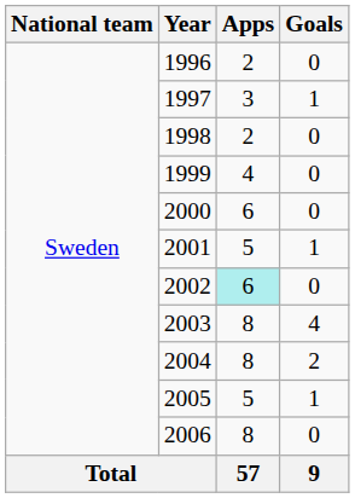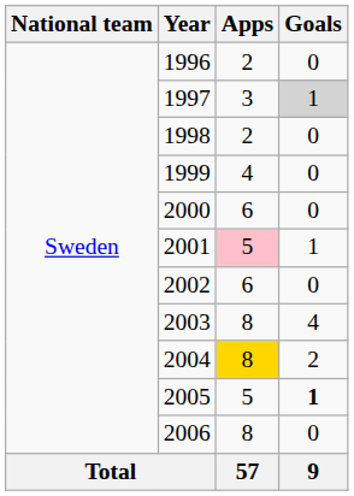 <table class="wikitable" style="text-align:center">
 <tr>
 <th>National team</th>
 <th>Year</th>
 <th>Apps</th>
 <th>Goals</th>
 </tr>
 <tr>
 <td rowspan="11"><a href='#'>Sweden</a></td>
 <td>1996</td>
 <td>2</td>
 <td>0</td>
 </tr>
 <tr>
 <td>1997</td>
 <td>3</td>
-<td>1</td>
+<td style="background: lightgrey;">1</td>
 </tr>
 <tr>
 <td>1998</td>
 <td>2</td>
 <td>0</td>
 </tr>
 <tr>
 <td>1999</td>
 <td>4</td>
 <td>0</td>
 </tr>
 <tr>
 <td>2000</td>
 <td>6</td>
 <td>0</td>
 </tr>
 <tr>
 <td>2001</td>
-<td>5</td>
+<td style="background: pink;">5</td>
 <td>1</td>
 </tr>
 <tr>
 <td>2002</td>
-<td style="background: paleturquoise;">6</td>
+<td>6</td>
 <td>0</td>
 </tr>
 <tr>
 <td>2003</td>
 <td>8</td>
 <td>4</td>
 </tr>
 <tr>
 <td>2004</td>
-<td>8</td>
+<td style="background: gold;">8</td>
 <td>2</td>
 </tr>
 <tr>
 <td>2005</td>
 <td>5</td>
-<td>1</td>
+<td><strong>1</strong></td>
 </tr>
 <tr>
 <td>2006</td>
 <td>8</td>
 <td>0</td>
 </tr>
 <tr>
 <th colspan="2">Total</th>
 <th>57</th>
 <th>9</th>
 </tr>
 </table>
